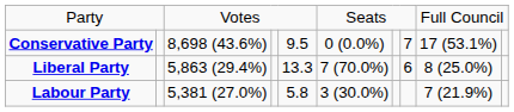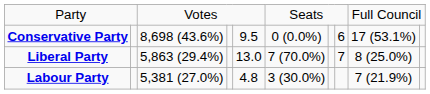 <table class=wikitable style="text-align:center;">
 <tr>
 <td colspan=2>Party</td>
 <td colspan=3>Votes</td>
 <td colspan=3>Seats</td>
 <td colspan=3>Full Council</td>
 </tr>
 <tr>
 <td><strong><a href='#'>Conservative Party</a></strong></td>
 <td style="background:"></td>
 <td>8,698 (43.6%)</td>
 <td></td>
 <td> 9.5</td>
 <td>0 (0.0%)</td>
 <td></td>
-<td> 7</td>
+<td> 6</td>
 <td>17 (53.1%)</td>
 <td></td>
 </tr>
 <tr>
 <td><strong><a href='#'>Liberal Party</a></strong></td>
 <td style="background:"></td>
 <td>5,863 (29.4%)</td>
 <td></td>
-<td> 13.3</td>
+<td> 13.0</td>
 <td>7 (70.0%)</td>
 <td></td>
-<td> 6</td>
+<td> 7</td>
 <td>8 (25.0%)</td>
 <td></td>
 </tr>
 <tr>
 <td><strong><a href='#'>Labour Party</a></strong></td>
 <td style="background:"></td>
 <td>5,381 (27.0%)</td>
 <td></td>
-<td> 5.8</td>
+<td> 4.8</td>
 <td>3 (30.0%)</td>
 <td></td>
 <td></td>
 <td>7 (21.9%)</td>
 <td></td>
 </tr>
 </table>
